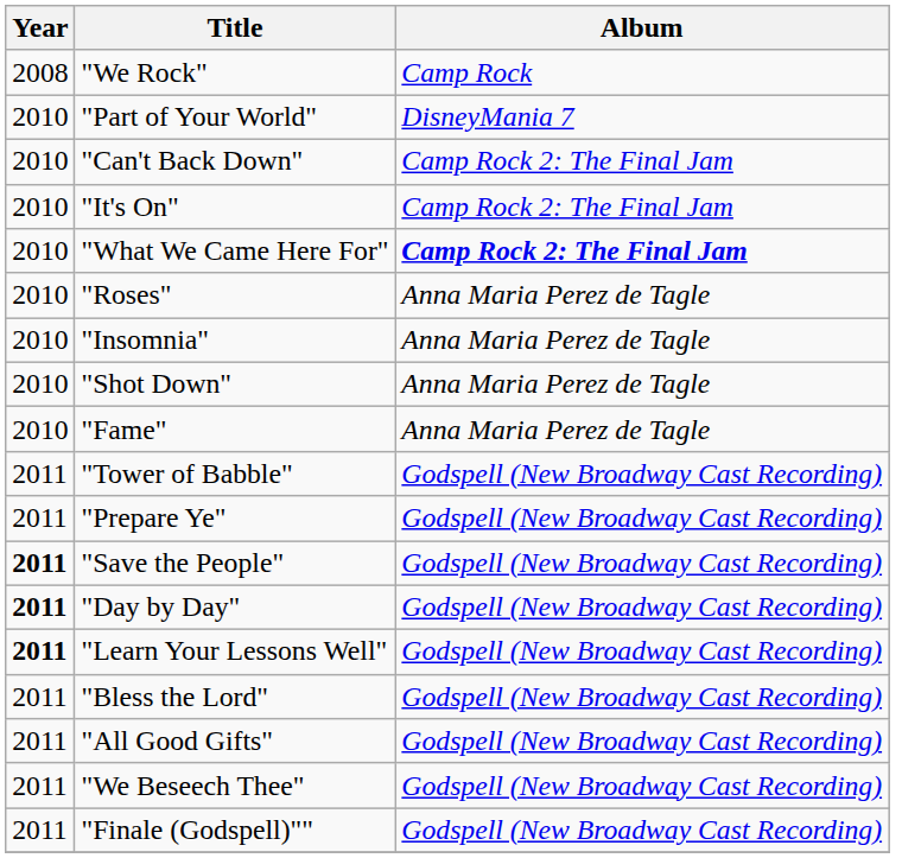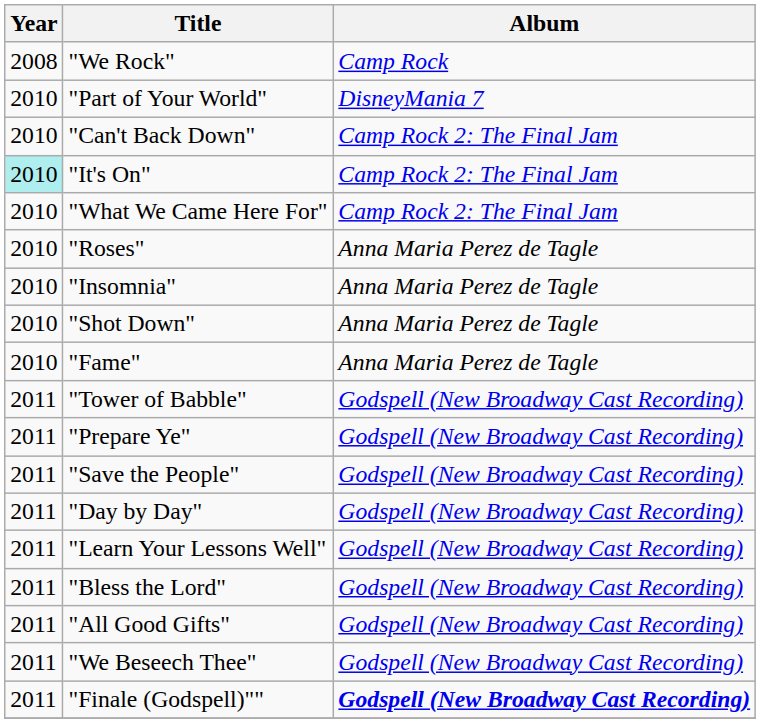 <table class="wikitable sortable">
 <tr>
 <th>Year</th>
 <th>Title</th>
 <th>Album</th>
 </tr>
 <tr>
 <td>2008</td>
 <td>"We Rock"</td>
 <td><em><a href='#'>Camp Rock</a></em></td>
 </tr>
 <tr>
 <td>2010</td>
 <td>"Part of Your World"</td>
 <td><em><a href='#'>DisneyMania 7</a></em></td>
 </tr>
 <tr>
 <td>2010</td>
 <td>"Can't Back Down"</td>
 <td><em><a href='#'>Camp Rock 2: The Final Jam</a></em></td>
 </tr>
 <tr>
-<td>2010</td>
+<td style="background: paleturquoise;">2010</td>
 <td>"It's On"</td>
 <td><em><a href='#'>Camp Rock 2: The Final Jam</a></em></td>
 </tr>
 <tr>
 <td>2010</td>
 <td>"What We Came Here For"</td>
-<td><strong><em><a href='#'>Camp Rock 2: The Final Jam</a></em></strong></td>
+<td><em><a href='#'>Camp Rock 2: The Final Jam</a></em></td>
 </tr>
 <tr>
 <td>2010</td>
 <td>"Roses"</td>
 <td><em>Anna Maria Perez de Tagle</em></td>
 </tr>
 <tr>
 <td>2010</td>
 <td>"Insomnia"</td>
 <td><em>Anna Maria Perez de Tagle</em></td>
 </tr>
 <tr>
 <td>2010</td>
 <td>"Shot Down"</td>
 <td><em>Anna Maria Perez de Tagle</em></td>
 </tr>
 <tr>
 <td>2010</td>
 <td>"Fame"</td>
 <td><em>Anna Maria Perez de Tagle</em></td>
 </tr>
 <tr>
 <td>2011</td>
 <td>"Tower of Babble"</td>
 <td><em><a href='#'>Godspell (New Broadway Cast Recording)</a></em></td>
 </tr>
 <tr>
 <td>2011</td>
 <td>"Prepare Ye"</td>
 <td><em><a href='#'>Godspell (New Broadway Cast Recording)</a></em></td>
 </tr>
 <tr>
-<td><strong>2011</strong></td>
+<td>2011</td>
 <td>"Save the People"</td>
 <td><em><a href='#'>Godspell (New Broadway Cast Recording)</a></em></td>
 </tr>
 <tr>
-<td><strong>2011</strong></td>
+<td>2011</td>
 <td>"Day by Day"</td>
 <td><em><a href='#'>Godspell (New Broadway Cast Recording)</a></em></td>
 </tr>
 <tr>
-<td><strong>2011</strong></td>
+<td>2011</td>
 <td>"Learn Your Lessons Well"</td>
 <td><em><a href='#'>Godspell (New Broadway Cast Recording)</a></em></td>
 </tr>
 <tr>
 <td>2011</td>
 <td>"Bless the Lord"</td>
 <td><em><a href='#'>Godspell (New Broadway Cast Recording)</a></em></td>
 </tr>
 <tr>
 <td>2011</td>
 <td>"All Good Gifts"</td>
 <td><em><a href='#'>Godspell (New Broadway Cast Recording)</a></em></td>
 </tr>
 <tr>
 <td>2011</td>
 <td>"We Beseech Thee"</td>
 <td><em><a href='#'>Godspell (New Broadway Cast Recording)</a></em></td>
 </tr>
 <tr>
 <td>2011</td>
 <td>"Finale (Godspell)""</td>
-<td><em><a href='#'>Godspell (New Broadway Cast Recording)</a></em></td>
+<td><strong><em><a href='#'>Godspell (New Broadway Cast Recording)</a></em></strong></td>
 </tr>
 <tr>
 </tr>
 </table>
